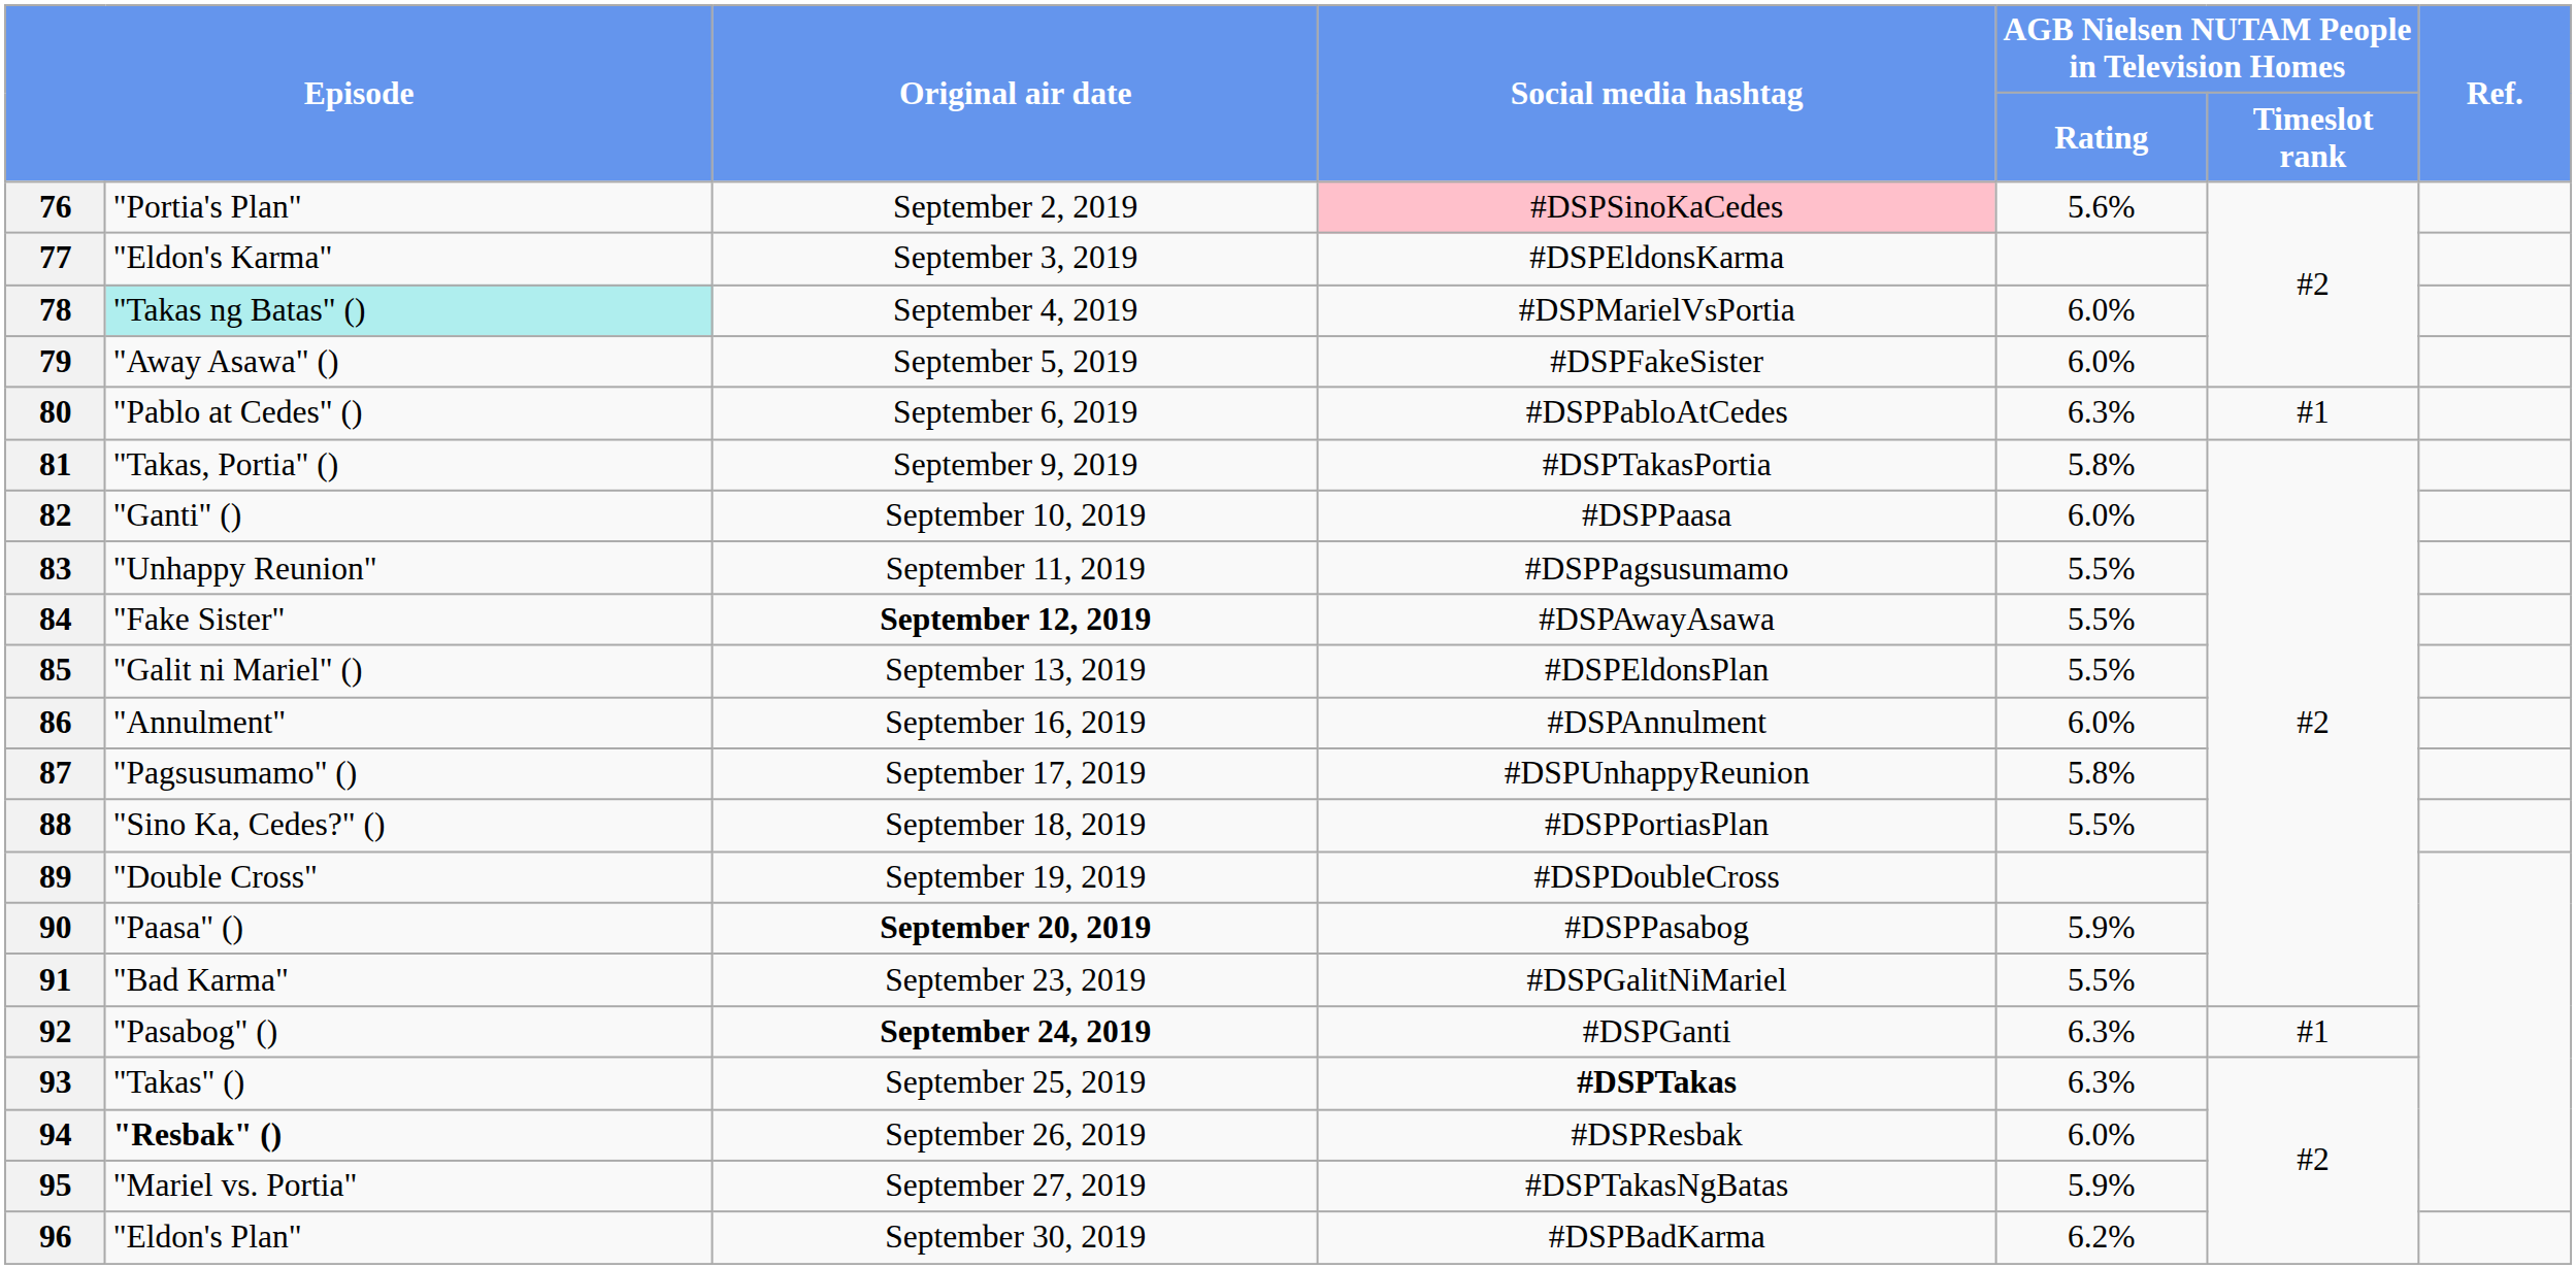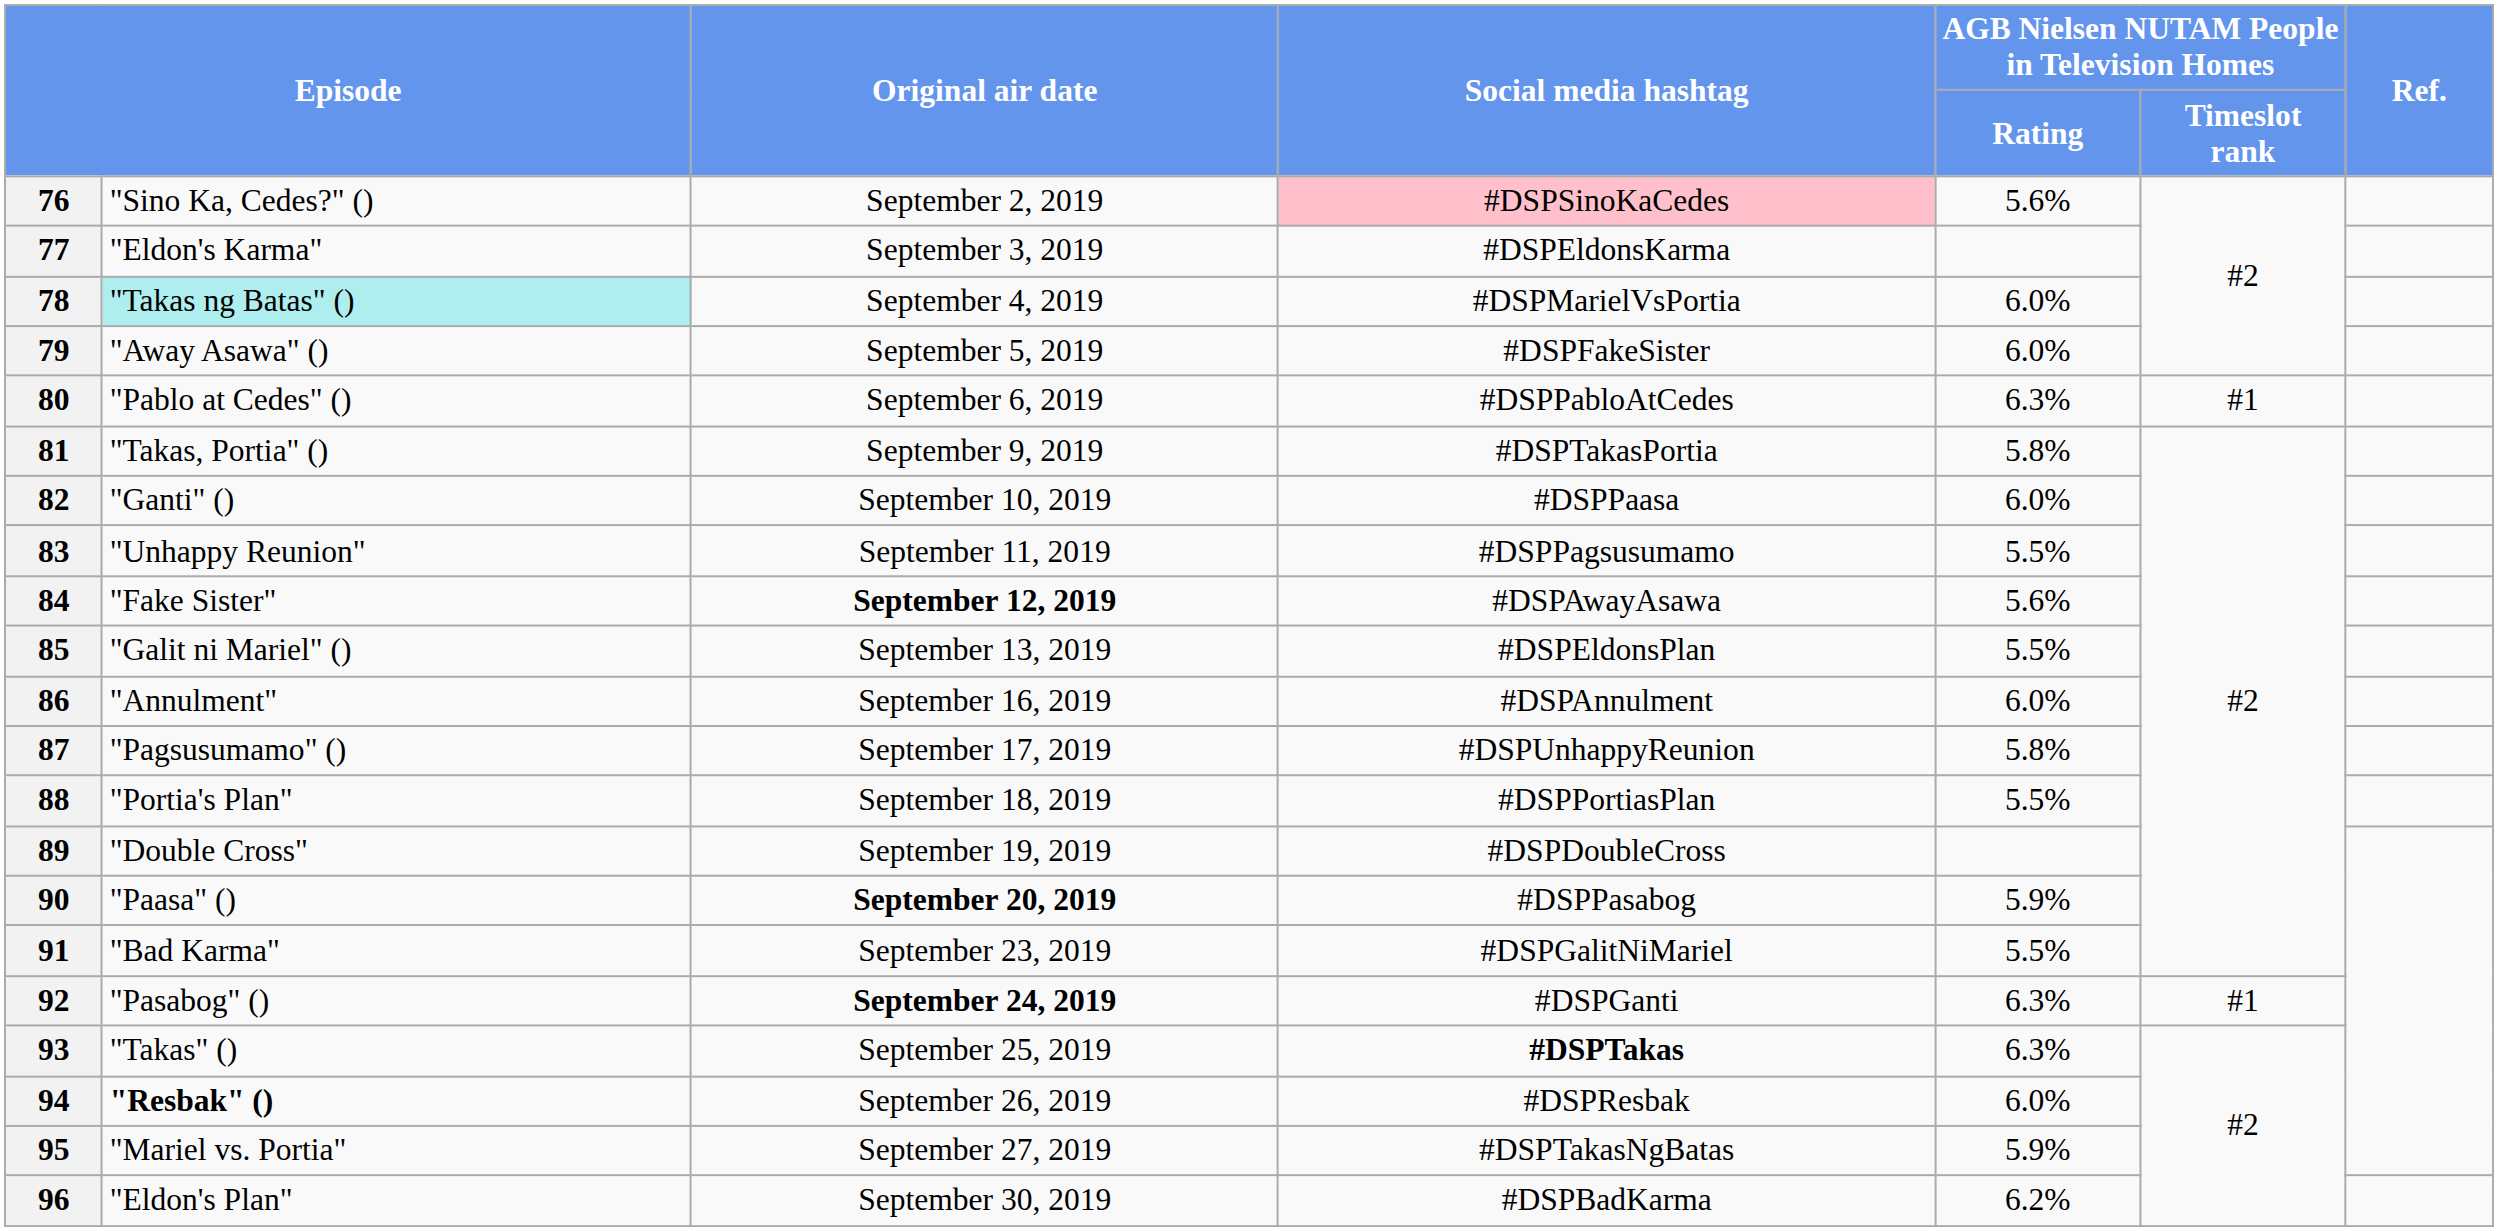 <table class="wikitable" style="text-align:center; font-size:100%; line-height:18px;" width="100%">
 <tr>
 <th style="background-color:#6495ED; color:#ffffff;" colspan="2" rowspan="2">Episode</th>
 <th style="background-color:#6495ED; color:white" rowspan="2">Original air date</th>
 <th style="background-color:#6495ED; color:white" rowspan="2">Social media hashtag</th>
 <th style="background-color:#6495ED; color:#ffffff;" colspan="2">AGB Nielsen NUTAM People in Television Homes</th>
 <th style="background-color:#6495ED; color:#ffffff;" rowspan="2">Ref.</th>
 </tr>
 <tr>
 <th style="background-color:#6495ED; width:75px; color:#ffffff;">Rating</th>
 <th style="background-color:#6495ED; width:75px; color:#ffffff;">Timeslot<br>rank</th>
 </tr>
 <tr>
 <th>76</th>
-<td style="text-align: left;">"Portia's Plan"</td>
+<td style="text-align: left;">"Sino Ka, Cedes?" ()</td>
 <td>September 2, 2019</td>
 <td style="background: pink;">#DSPSinoKaCedes</td>
 <td>5.6%</td>
 <td rowspan="4">#2</td>
 <td></td>
 </tr>
 <tr>
 <th>77</th>
 <td style="text-align: left;">"Eldon's Karma"</td>
 <td>September 3, 2019</td>
 <td>#DSPEldonsKarma</td>
 <td></td>
 <td></td>
 </tr>
 <tr>
 <th>78</th>
 <td style="background: paleturquoise; text-align: left;">"Takas ng Batas" ()</td>
 <td>September 4, 2019</td>
 <td>#DSPMarielVsPortia</td>
 <td>6.0%</td>
 <td></td>
 </tr>
 <tr>
 <th>79</th>
 <td style="text-align: left;">"Away Asawa" ()</td>
 <td>September 5, 2019</td>
 <td>#DSPFakeSister</td>
 <td>6.0%</td>
 <td></td>
 </tr>
 <tr>
 <th>80</th>
 <td style="text-align: left;">"Pablo at Cedes" ()</td>
 <td>September 6, 2019</td>
 <td>#DSPPabloAtCedes</td>
 <td>6.3%</td>
 <td>#1</td>
 <td></td>
 </tr>
 <tr>
 <th>81</th>
 <td style="text-align: left;">"Takas, Portia" ()</td>
 <td>September 9, 2019</td>
 <td>#DSPTakasPortia</td>
 <td>5.8%</td>
 <td rowspan="11">#2</td>
 <td></td>
 </tr>
 <tr>
 <th>82</th>
 <td style="text-align: left;">"Ganti" ()</td>
 <td>September 10, 2019</td>
 <td>#DSPPaasa</td>
 <td>6.0%</td>
 <td></td>
 </tr>
 <tr>
 <th>83</th>
 <td style="text-align: left;">"Unhappy Reunion"</td>
 <td>September 11, 2019</td>
 <td>#DSPPagsusumamo</td>
 <td>5.5%</td>
 <td></td>
 </tr>
 <tr>
 <th>84</th>
 <td style="text-align: left;">"Fake Sister"</td>
 <td><strong>September 12, 2019</strong></td>
 <td>#DSPAwayAsawa</td>
-<td>5.5%</td>
+<td>5.6%</td>
 <td></td>
 </tr>
 <tr>
 <th>85</th>
 <td style="text-align: left;">"Galit ni Mariel" ()</td>
 <td>September 13, 2019</td>
 <td>#DSPEldonsPlan</td>
 <td>5.5%</td>
 <td></td>
 </tr>
 <tr>
 <th>86</th>
 <td style="text-align: left;">"Annulment"</td>
 <td>September 16, 2019</td>
 <td>#DSPAnnulment</td>
 <td>6.0%</td>
 <td></td>
 </tr>
 <tr>
 <th>87</th>
 <td style="text-align: left;">"Pagsusumamo" ()</td>
 <td>September 17, 2019</td>
 <td>#DSPUnhappyReunion</td>
 <td>5.8%</td>
 <td></td>
 </tr>
 <tr>
 <th>88</th>
-<td style="text-align: left;">"Sino Ka, Cedes?" ()</td>
+<td style="text-align: left;">"Portia's Plan"</td>
 <td>September 18, 2019</td>
 <td>#DSPPortiasPlan</td>
 <td>5.5%</td>
 <td></td>
 </tr>
 <tr>
 <th>89</th>
 <td style="text-align: left;">"Double Cross"</td>
 <td>September 19, 2019</td>
 <td>#DSPDoubleCross</td>
 <td></td>
 </tr>
 <tr>
 <th>90</th>
 <td style="text-align: left;">"Paasa" ()</td>
 <td><strong>September 20, 2019</strong></td>
 <td>#DSPPasabog</td>
 <td>5.9%</td>
 </tr>
 <tr>
 <th>91</th>
 <td style="text-align: left;">"Bad Karma"</td>
 <td>September 23, 2019</td>
 <td>#DSPGalitNiMariel</td>
 <td>5.5%</td>
 </tr>
 <tr>
 <th>92</th>
 <td style="text-align: left;">"Pasabog" ()</td>
 <td><strong>September 24, 2019</strong></td>
 <td>#DSPGanti</td>
 <td>6.3%</td>
 <td>#1</td>
 </tr>
 <tr>
 <th>93</th>
 <td style="text-align: left;">"Takas" ()</td>
 <td>September 25, 2019</td>
 <td><strong>#DSPTakas</strong></td>
 <td>6.3%</td>
 <td rowspan="4">#2</td>
 </tr>
 <tr>
 <th>94</th>
 <td style="text-align: left;"><strong>"Resbak" ()</strong></td>
 <td>September 26, 2019</td>
 <td>#DSPResbak</td>
 <td>6.0%</td>
 </tr>
 <tr>
 <th>95</th>
 <td style="text-align: left;">"Mariel vs. Portia"</td>
 <td>September 27, 2019</td>
 <td>#DSPTakasNgBatas</td>
 <td>5.9%</td>
 </tr>
 <tr>
 <th>96</th>
 <td style="text-align: left;">"Eldon's Plan"</td>
 <td>September 30, 2019</td>
 <td>#DSPBadKarma</td>
 <td>6.2%</td>
 <td></td>
 </tr>
 <tr>
 </tr>
 </table>
